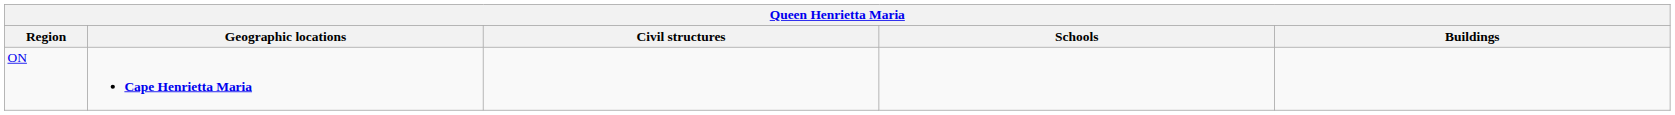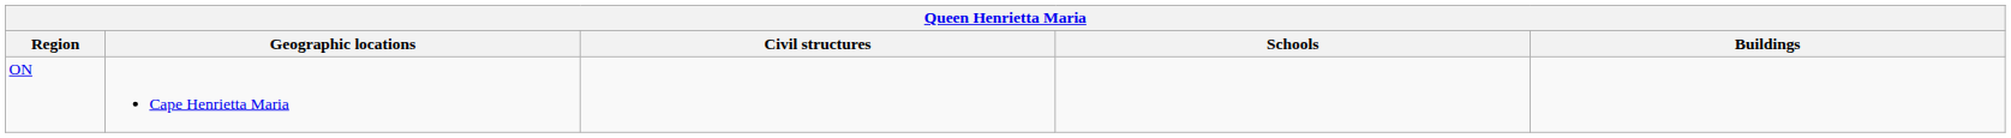 <table class="wikitable" width="100%">
 <tr>
 <th colspan="5"> <a href='#'>Queen Henrietta Maria</a></th>
 </tr>
 <tr>
 <th width="5%">Region</th>
 <th width="23.75%">Geographic locations</th>
 <th width="23.75%">Civil structures</th>
 <th width="23.75%">Schools</th>
 <th width="23.75%">Buildings</th>
 </tr>
 <tr>
 <td align=left valign=top> <a href='#'>ON</a></td>
-<td align=left valign=top><strong><br><ul><li><a href='#'>Cape Henrietta Maria</a></li></ul></strong></td>
+<td align=left valign=top><br><ul><li><a href='#'>Cape Henrietta Maria</a></li></ul></td>
 <td></td>
 <td></td>
 <td></td>
 </tr>
 </table>
